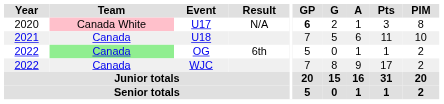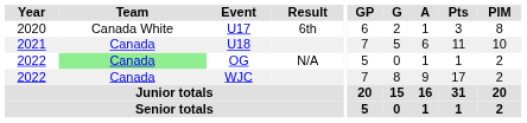 <table border="0" cellpadding="1" cellspacing="0" ID="Table3" style="text-align:center; width:40em">
 <tr bgcolor="#e0e0e0">
 <th>Year</th>
 <th>Team</th>
 <th>Event</th>
 <th>Result</th>
 <th rowspan="102" bgcolor="#ffffff"></th>
 <th>GP</th>
 <th>G</th>
 <th>A</th>
 <th>Pts</th>
 <th>PIM</th>
 </tr>
 <tr>
 <td>2020</td>
-<td style="background: pink;">Canada White</td>
+<td>Canada White</td>
 <td><a href='#'>U17</a></td>
-<td>N/A</td>
-<td><strong>6</strong></td>
+<td>6th</td>
+<td>6</td>
 <td>2</td>
 <td>1</td>
 <td>3</td>
 <td>8</td>
 </tr>
 <tr bgcolor="#f0f0f0">
 <td><a href='#'>2021</a></td>
 <td><a href='#'>Canada</a></td>
 <td><a href='#'>U18</a></td>
 <td></td>
 <td>7</td>
 <td>5</td>
 <td>6</td>
 <td>11</td>
 <td>10</td>
 </tr>
 <tr>
 <td><a href='#'>2022</a></td>
 <td style="background: lightgreen;"><a href='#'>Canada</a></td>
 <td><a href='#'>OG</a></td>
-<td>6th</td>
+<td>N/A</td>
 <td>5</td>
 <td>0</td>
 <td>1</td>
 <td>1</td>
 <td>2</td>
 </tr>
 <tr bgcolor="#f0f0f0">
 <td><a href='#'>2022</a></td>
 <td><a href='#'>Canada</a></td>
 <td><a href='#'>WJC</a></td>
 <td></td>
 <td>7</td>
 <td>8</td>
 <td>9</td>
 <td>17</td>
 <td>2</td>
 </tr>
 <tr bgcolor="#e0e0e0">
 <th colspan="4">Junior totals</th>
 <th>20</th>
 <th>15</th>
 <th>16</th>
 <th>31</th>
 <th>20</th>
 </tr>
 <tr bgcolor="#e0e0e0">
 <th colspan="4">Senior totals</th>
 <th>5</th>
 <th>0</th>
 <th>1</th>
 <th>1</th>
 <th>2</th>
 </tr>
 </table>
